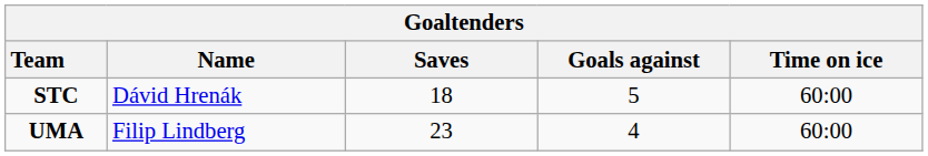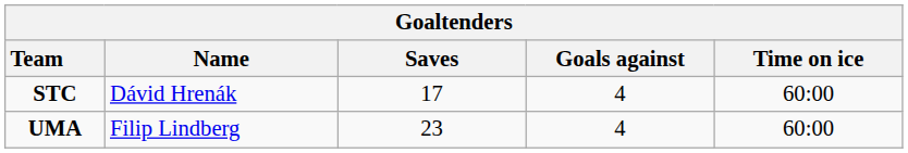 <table class="wikitable" style="width:40em; text-align:right;">
 <tr>
 <th colspan=5>Goaltenders</th>
 </tr>
 <tr>
 <th style="width:4em; text-align:left;">Team</th>
 <th style="width:10em;">Name</th>
 <th style="width:8em;">Saves</th>
 <th style="width:8em;">Goals against</th>
 <th style="width:8em;">Time on ice</th>
 </tr>
 <tr>
 <td align=center><strong>STC</strong></td>
 <td style="text-align:left;"><a href='#'>Dávid Hrenák</a></td>
-<td align=center>18</td>
-<td align=center>5</td>
+<td align=center>17</td>
+<td align=center>4</td>
 <td align=center>60:00</td>
 </tr>
 <tr>
 <td align=center><strong>UMA</strong></td>
 <td style="text-align:left;"><a href='#'>Filip Lindberg</a></td>
 <td align=center>23</td>
 <td align=center>4</td>
 <td align=center>60:00</td>
 </tr>
 </table>
